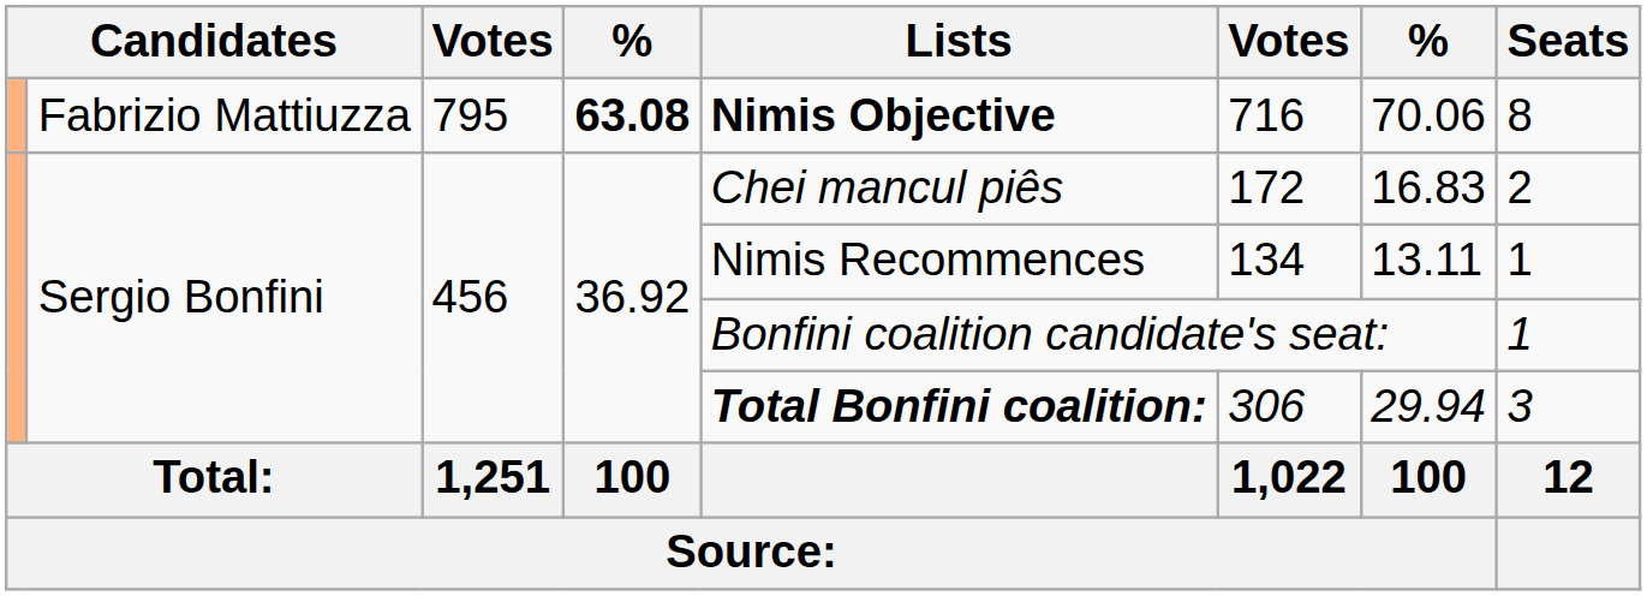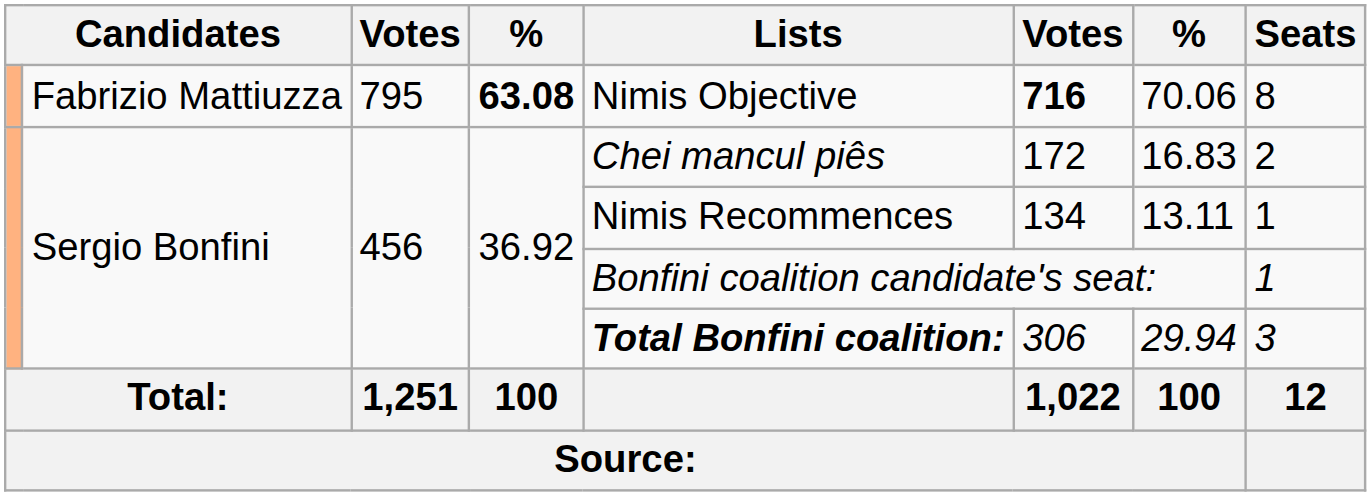 <table class="wikitable sortable">
 <tr>
 <th colspan="2">Candidates</th>
 <th>Votes</th>
 <th>%</th>
 <th>Lists</th>
 <th>Votes</th>
 <th>%</th>
 <th>Seats</th>
 </tr>
 <tr>
 <td bgcolor="#FFB280"></td>
 <td>Fabrizio Mattiuzza </td>
 <td>795</td>
 <td><strong>63.08</strong></td>
-<td><strong>Nimis Objective</strong></td>
-<td>716</td>
+<td>Nimis Objective</td>
+<td><strong>716</strong></td>
 <td>70.06</td>
 <td>8</td>
 </tr>
 <tr>
 <td rowspan="4" bgcolor="#FFB280"></td>
 <td rowspan="4">Sergio Bonfini</td>
 <td rowspan="4">456</td>
 <td rowspan="4">36.92</td>
 <td><em>Chei mancul piês</em></td>
 <td>172</td>
 <td>16.83</td>
 <td>2</td>
 </tr>
 <tr>
 <td>Nimis Recommences</td>
 <td>134</td>
 <td>13.11</td>
 <td>1</td>
 </tr>
 <tr>
 <td colspan="3"><em>Bonfini coalition candidate's seat:</em></td>
 <td><em>1</em></td>
 </tr>
 <tr>
 <td><strong><em>Total Bonfini coalition:</em></strong></td>
 <td><em>306</em></td>
 <td><em>29.94</em></td>
 <td><em>3</em></td>
 </tr>
 <tr>
 <th colspan="2">Total:</th>
 <th>1,251</th>
 <th>100</th>
 <th></th>
 <th>1,022</th>
 <th>100</th>
 <th>12</th>
 </tr>
 <tr>
 <th colspan="7">Source:</th>
 <th></th>
 </tr>
 </table>
